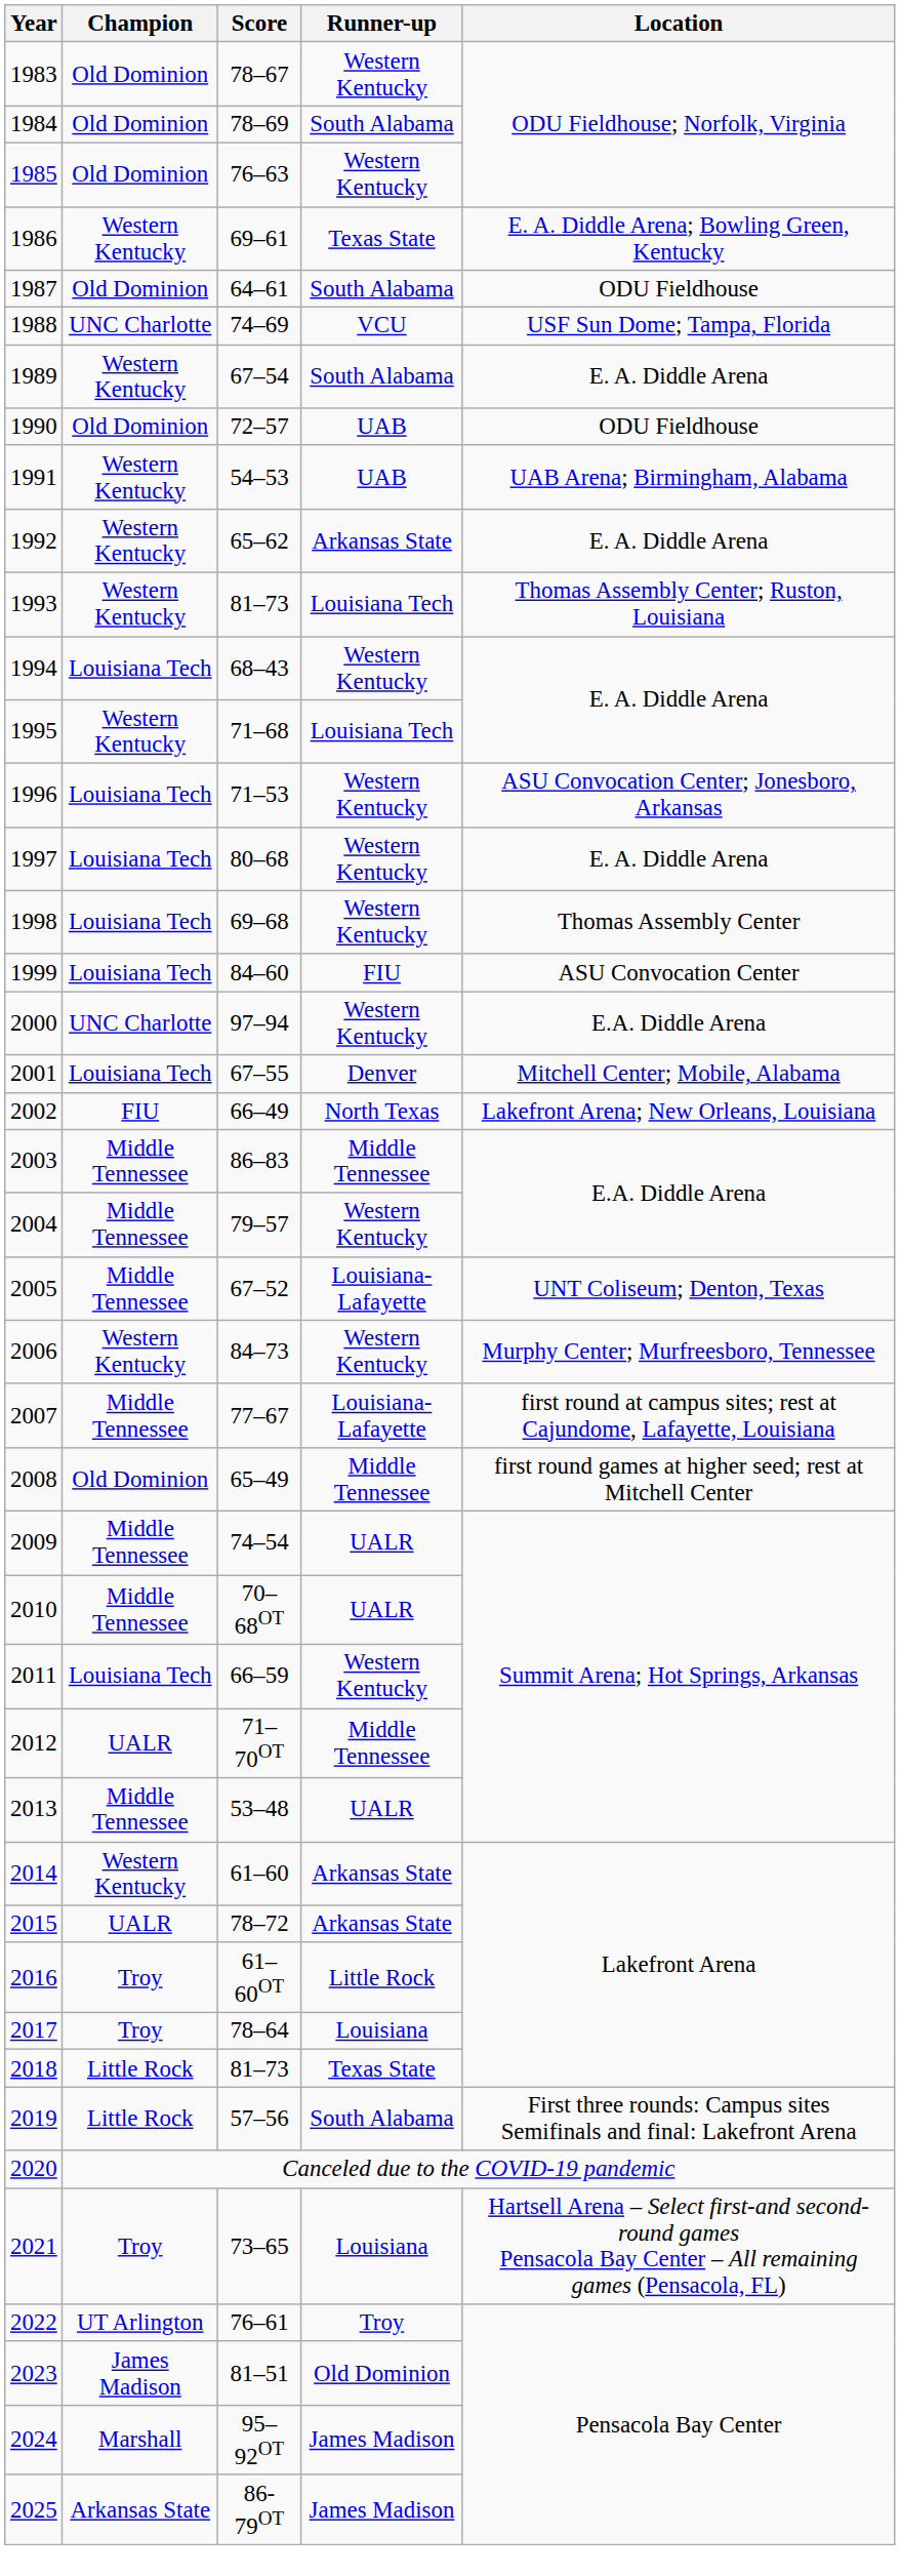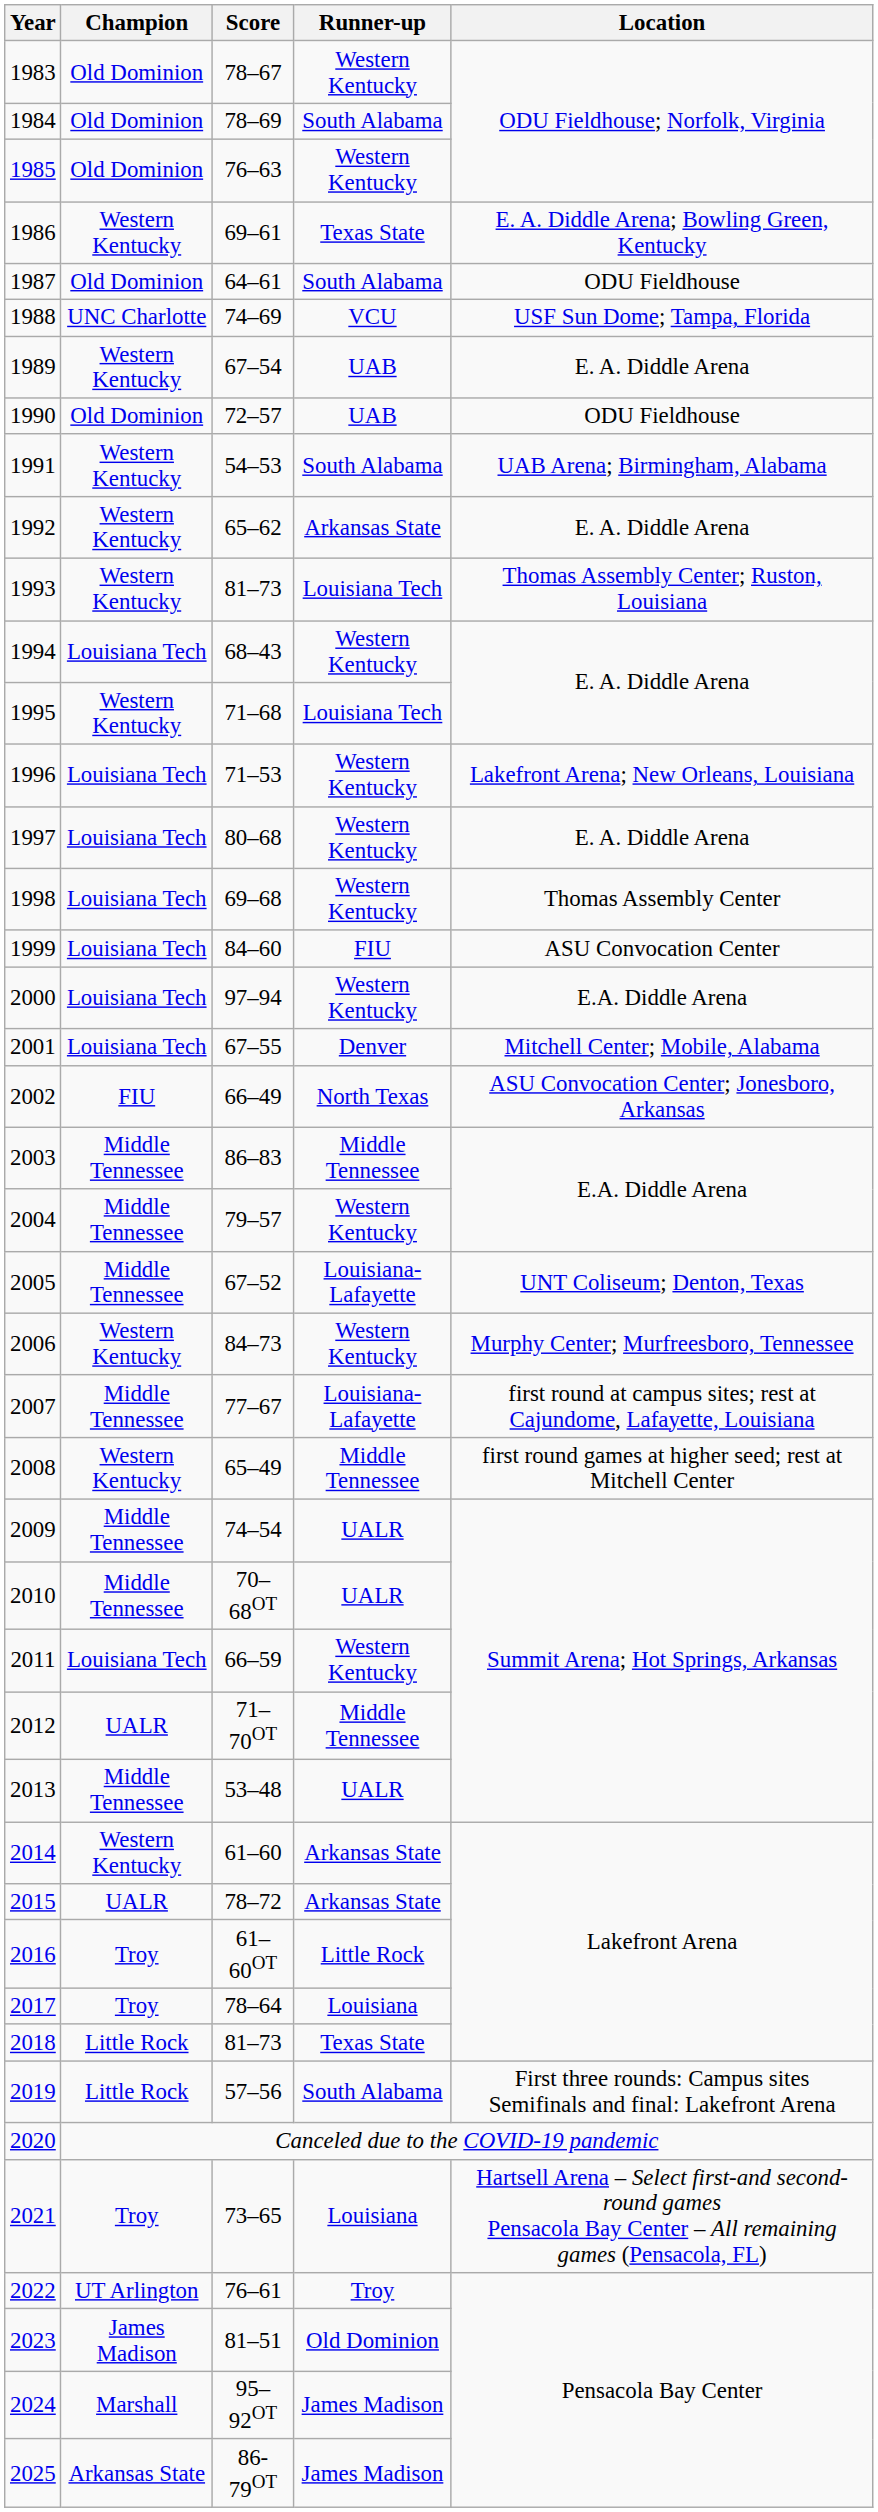 <table class="wikitable sortable" style="text-align:center">
 <tr>
 <th width=px>Year</th>
 <th width=px>Champion</th>
 <th width=px>Score</th>
 <th width=px>Runner-up</th>
 <th width=px>Location</th>
 </tr>
 <tr>
 <td>1983</td>
 <td><a href='#'>Old Dominion</a></td>
 <td>78–67</td>
 <td><a href='#'>Western Kentucky</a></td>
 <td rowspan=3><a href='#'>ODU Fieldhouse</a>; <a href='#'>Norfolk, Virginia</a></td>
 </tr>
 <tr>
 <td>1984</td>
 <td><a href='#'>Old Dominion</a></td>
 <td>78–69</td>
 <td><a href='#'>South Alabama</a></td>
 </tr>
 <tr>
 <td><a href='#'>1985</a></td>
 <td><a href='#'>Old Dominion</a></td>
 <td>76–63</td>
 <td><a href='#'>Western Kentucky</a></td>
 </tr>
 <tr>
 <td>1986</td>
 <td><a href='#'>Western Kentucky</a></td>
 <td>69–61</td>
 <td><a href='#'>Texas State</a></td>
 <td><a href='#'>E. A. Diddle Arena</a>; <a href='#'>Bowling Green, Kentucky</a></td>
 </tr>
 <tr>
 <td>1987</td>
 <td><a href='#'>Old Dominion</a></td>
 <td>64–61</td>
 <td><a href='#'>South Alabama</a></td>
 <td>ODU Fieldhouse</td>
 </tr>
 <tr>
 <td>1988</td>
 <td><a href='#'>UNC Charlotte</a></td>
 <td>74–69</td>
 <td><a href='#'>VCU</a></td>
 <td><a href='#'>USF Sun Dome</a>; <a href='#'>Tampa, Florida</a></td>
 </tr>
 <tr>
 <td>1989</td>
 <td><a href='#'>Western Kentucky</a></td>
 <td>67–54</td>
-<td><a href='#'>South Alabama</a></td>
+<td><a href='#'>UAB</a></td>
 <td>E. A. Diddle Arena</td>
 </tr>
 <tr>
 <td>1990</td>
 <td><a href='#'>Old Dominion</a></td>
 <td>72–57</td>
 <td><a href='#'>UAB</a></td>
 <td>ODU Fieldhouse</td>
 </tr>
 <tr>
 <td>1991</td>
 <td><a href='#'>Western Kentucky</a></td>
 <td>54–53</td>
-<td><a href='#'>UAB</a></td>
+<td><a href='#'>South Alabama</a></td>
 <td><a href='#'>UAB Arena</a>; <a href='#'>Birmingham, Alabama</a></td>
 </tr>
 <tr>
 <td>1992</td>
 <td><a href='#'>Western Kentucky</a></td>
 <td>65–62</td>
 <td><a href='#'>Arkansas State</a></td>
 <td>E. A. Diddle Arena</td>
 </tr>
 <tr>
 <td>1993</td>
 <td><a href='#'>Western Kentucky</a></td>
 <td>81–73</td>
 <td><a href='#'>Louisiana Tech</a></td>
 <td><a href='#'>Thomas Assembly Center</a>; <a href='#'>Ruston, Louisiana</a></td>
 </tr>
 <tr>
 <td>1994</td>
 <td><a href='#'>Louisiana Tech</a></td>
 <td>68–43</td>
 <td><a href='#'>Western Kentucky</a></td>
 <td rowspan=2>E. A. Diddle Arena</td>
 </tr>
 <tr>
 <td>1995</td>
 <td><a href='#'>Western Kentucky</a></td>
 <td>71–68</td>
 <td><a href='#'>Louisiana Tech</a></td>
 </tr>
 <tr>
 <td>1996</td>
 <td><a href='#'>Louisiana Tech</a></td>
 <td>71–53</td>
 <td><a href='#'>Western Kentucky</a></td>
-<td><a href='#'>ASU Convocation Center</a>; <a href='#'>Jonesboro, Arkansas</a></td>
+<td><a href='#'>Lakefront Arena</a>; <a href='#'>New Orleans, Louisiana</a></td>
 </tr>
 <tr>
 <td>1997</td>
 <td><a href='#'>Louisiana Tech</a></td>
 <td>80–68</td>
 <td><a href='#'>Western Kentucky</a></td>
 <td>E. A. Diddle Arena</td>
 </tr>
 <tr>
 <td>1998</td>
 <td><a href='#'>Louisiana Tech</a></td>
 <td>69–68</td>
 <td><a href='#'>Western Kentucky</a></td>
 <td>Thomas Assembly Center</td>
 </tr>
 <tr>
 <td>1999</td>
 <td><a href='#'>Louisiana Tech</a></td>
 <td>84–60</td>
 <td><a href='#'>FIU</a></td>
 <td>ASU Convocation Center</td>
 </tr>
 <tr>
 <td>2000</td>
-<td><a href='#'>UNC Charlotte</a></td>
+<td><a href='#'>Louisiana Tech</a></td>
 <td>97–94</td>
 <td><a href='#'>Western Kentucky</a></td>
 <td>E.A. Diddle Arena</td>
 </tr>
 <tr>
 <td>2001</td>
 <td><a href='#'>Louisiana Tech</a></td>
 <td>67–55</td>
 <td><a href='#'>Denver</a></td>
 <td><a href='#'>Mitchell Center</a>; <a href='#'>Mobile, Alabama</a></td>
 </tr>
 <tr>
 <td>2002</td>
 <td><a href='#'>FIU</a></td>
 <td>66–49</td>
 <td><a href='#'>North Texas</a></td>
-<td><a href='#'>Lakefront Arena</a>; <a href='#'>New Orleans, Louisiana</a></td>
+<td><a href='#'>ASU Convocation Center</a>; <a href='#'>Jonesboro, Arkansas</a></td>
 </tr>
 <tr>
 <td>2003</td>
 <td><a href='#'>Middle Tennessee</a></td>
 <td>86–83</td>
 <td><a href='#'>Middle Tennessee</a></td>
 <td rowspan=2>E.A. Diddle Arena</td>
 </tr>
 <tr>
 <td>2004</td>
 <td><a href='#'>Middle Tennessee</a></td>
 <td>79–57</td>
 <td><a href='#'>Western Kentucky</a></td>
 </tr>
 <tr>
 <td>2005</td>
 <td><a href='#'>Middle Tennessee</a></td>
 <td>67–52</td>
 <td><a href='#'>Louisiana-Lafayette</a></td>
 <td><a href='#'>UNT Coliseum</a>; <a href='#'>Denton, Texas</a></td>
 </tr>
 <tr>
 <td>2006</td>
 <td><a href='#'>Western Kentucky</a></td>
 <td>84–73</td>
 <td><a href='#'>Western Kentucky</a></td>
 <td><a href='#'>Murphy Center</a>; <a href='#'>Murfreesboro, Tennessee</a></td>
 </tr>
 <tr>
 <td>2007</td>
 <td><a href='#'>Middle Tennessee</a></td>
 <td>77–67</td>
 <td><a href='#'>Louisiana-Lafayette</a></td>
 <td>first round at campus sites; rest at <a href='#'>Cajundome</a>, <a href='#'>Lafayette, Louisiana</a></td>
 </tr>
 <tr>
 <td>2008</td>
-<td><a href='#'>Old Dominion</a></td>
+<td><a href='#'>Western Kentucky</a></td>
 <td>65–49</td>
 <td><a href='#'>Middle Tennessee</a></td>
 <td>first round games at higher seed; rest at Mitchell Center</td>
 </tr>
 <tr>
 <td>2009</td>
 <td><a href='#'>Middle Tennessee</a></td>
 <td>74–54</td>
 <td><a href='#'>UALR</a></td>
 <td rowspan=5><a href='#'>Summit Arena</a>; <a href='#'>Hot Springs, Arkansas</a></td>
 </tr>
 <tr>
 <td>2010</td>
 <td><a href='#'>Middle Tennessee</a></td>
 <td>70–68<sup>OT</sup></td>
 <td><a href='#'>UALR</a></td>
 </tr>
 <tr>
 <td>2011</td>
 <td><a href='#'>Louisiana Tech</a></td>
 <td>66–59</td>
 <td><a href='#'>Western Kentucky</a></td>
 </tr>
 <tr>
 <td>2012</td>
 <td><a href='#'>UALR</a></td>
 <td>71–70<sup>OT</sup></td>
 <td><a href='#'>Middle Tennessee</a></td>
 </tr>
 <tr>
 <td>2013</td>
 <td><a href='#'>Middle Tennessee</a></td>
 <td>53–48</td>
 <td><a href='#'>UALR</a></td>
 </tr>
 <tr>
 <td><a href='#'>2014</a></td>
 <td><a href='#'>Western Kentucky</a></td>
 <td>61–60</td>
 <td><a href='#'>Arkansas State</a></td>
 <td rowspan=5>Lakefront Arena</td>
 </tr>
 <tr>
 <td><a href='#'>2015</a></td>
 <td><a href='#'>UALR</a></td>
 <td>78–72</td>
 <td><a href='#'>Arkansas State</a></td>
 </tr>
 <tr>
 <td><a href='#'>2016</a></td>
 <td><a href='#'>Troy</a></td>
 <td>61–60<sup>OT</sup></td>
 <td><a href='#'>Little Rock</a></td>
 </tr>
 <tr>
 <td><a href='#'>2017</a></td>
 <td><a href='#'>Troy</a></td>
 <td>78–64</td>
 <td><a href='#'>Louisiana</a></td>
 </tr>
 <tr>
 <td><a href='#'>2018</a></td>
 <td><a href='#'>Little Rock</a></td>
 <td>81–73</td>
 <td><a href='#'>Texas State</a></td>
 </tr>
 <tr>
 <td><a href='#'>2019</a></td>
 <td><a href='#'>Little Rock</a></td>
 <td>57–56</td>
 <td><a href='#'>South Alabama</a></td>
 <td>First three rounds: Campus sites<br>Semifinals and final: Lakefront Arena</td>
 </tr>
 <tr>
 <td><a href='#'>2020</a></td>
 <td colspan=4 align=center><em>Canceled due to the <a href='#'>COVID-19 pandemic</a></em></td>
 </tr>
 <tr>
 <td><a href='#'>2021</a></td>
 <td><a href='#'>Troy</a></td>
 <td>73–65</td>
 <td><a href='#'>Louisiana</a></td>
 <td rowspan=1><a href='#'>Hartsell Arena</a> – <em>Select first-and second-round games</em> <br><a href='#'>Pensacola Bay Center</a> – <em>All remaining games</em> (<a href='#'>Pensacola, FL</a>)</td>
 </tr>
 <tr>
 <td><a href='#'>2022</a></td>
 <td><a href='#'>UT Arlington</a></td>
 <td>76–61</td>
 <td><a href='#'>Troy</a></td>
 <td rowspan=4>Pensacola Bay Center</td>
 </tr>
 <tr>
 <td><a href='#'>2023</a></td>
 <td><a href='#'>James Madison</a></td>
 <td>81–51</td>
 <td><a href='#'>Old Dominion</a></td>
 </tr>
 <tr>
 <td><a href='#'>2024</a></td>
 <td><a href='#'>Marshall</a></td>
 <td>95–92<sup>OT</sup></td>
 <td><a href='#'>James Madison</a></td>
 </tr>
 <tr>
 <td><a href='#'>2025</a></td>
 <td><a href='#'>Arkansas State</a></td>
 <td>86-79<sup>OT</sup></td>
 <td><a href='#'>James Madison</a></td>
 </tr>
 </table>
